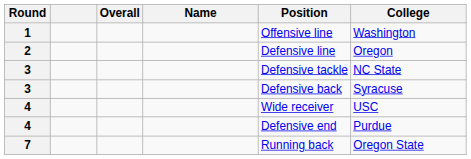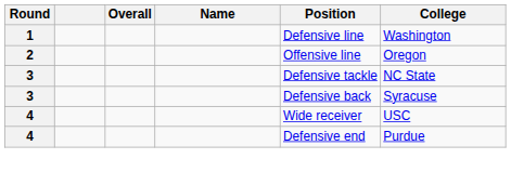 <table class="wikitable sortable">
 <tr>
 <th scope="col" style="width: 10%;">Round</th>
 <th scope="col" style="width: 10%;"></th>
 <th scope="col" style="width: 10%;">Overall</th>
 <th scope="col" style="width: 25%;">Name</th>
 <th scope="col" style="width: 20%;">Position</th>
 <th scope="col" style="width: 25%;">College</th>
 </tr>
 <tr>
 <th scope="row">1</th>
 <td></td>
 <td></td>
 <td></td>
-<td><a href='#'>Offensive line</a></td>
+<td><a href='#'>Defensive line</a></td>
 <td><a href='#'>Washington</a></td>
 </tr>
 <tr>
 <th scope="row">2</th>
 <td></td>
 <td></td>
 <td></td>
-<td><a href='#'>Defensive line</a></td>
+<td><a href='#'>Offensive line</a></td>
 <td><a href='#'>Oregon</a></td>
 </tr>
 <tr>
 <th scope="row">3</th>
 <td></td>
 <td></td>
 <td></td>
 <td><a href='#'>Defensive tackle</a></td>
 <td><a href='#'>NC State</a></td>
 </tr>
 <tr>
 <th scope="row">3</th>
 <td></td>
 <td></td>
 <td></td>
 <td><a href='#'>Defensive back</a></td>
 <td><a href='#'>Syracuse</a></td>
 </tr>
 <tr>
 <th scope="row">4</th>
 <td></td>
 <td></td>
 <td></td>
 <td><a href='#'>Wide receiver</a></td>
 <td><a href='#'>USC</a></td>
 </tr>
 <tr>
 <th scope="row">4</th>
 <td></td>
 <td></td>
 <td></td>
 <td><a href='#'>Defensive end</a></td>
 <td><a href='#'>Purdue</a></td>
 </tr>
-<tr>
-<th scope="row">7</th>
-<td></td>
-<td></td>
-<td></td>
-<td><a href='#'>Running back</a></td>
-<td><a href='#'>Oregon State</a></td>
-</tr>
 </table>
